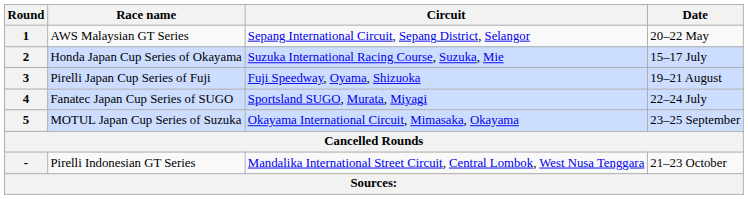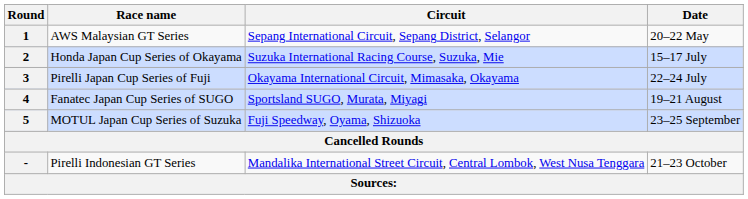 <table class="wikitable" style="font-size: 85%;">
 <tr>
 <th>Round</th>
 <th>Race name</th>
 <th>Circuit</th>
 <th>Date</th>
 </tr>
 <tr>
 <th>1</th>
 <td> AWS Malaysian GT Series</td>
 <td><a href='#'>Sepang International Circuit</a>, <a href='#'>Sepang District</a>, <a href='#'>Selangor</a></td>
 <td>20–22 May</td>
 </tr>
 <tr bgcolor=#CCDDFF>
 <th>2</th>
 <td> Honda Japan Cup Series of Okayama</td>
 <td><a href='#'>Suzuka International Racing Course</a>, <a href='#'>Suzuka</a>, <a href='#'>Mie</a></td>
 <td>15–17 July</td>
 </tr>
 <tr bgcolor=#CCDDFF>
 <th>3</th>
 <td> Pirelli Japan Cup Series of Fuji</td>
-<td><a href='#'>Fuji Speedway</a>, <a href='#'>Oyama</a>, <a href='#'>Shizuoka</a></td>
-<td>19–21 August</td>
+<td><a href='#'>Okayama International Circuit</a>, <a href='#'>Mimasaka</a>, <a href='#'>Okayama</a></td>
+<td>22–24 July</td>
 </tr>
 <tr bgcolor=#CCDDFF>
 <th>4</th>
 <td> Fanatec Japan Cup Series of SUGO</td>
 <td><a href='#'>Sportsland SUGO</a>, <a href='#'>Murata</a>, <a href='#'>Miyagi</a></td>
-<td>22–24 July</td>
+<td>19–21 August</td>
 </tr>
 <tr bgcolor=#CCDDFF>
 <th>5</th>
 <td> MOTUL Japan Cup Series of Suzuka</td>
-<td><a href='#'>Okayama International Circuit</a>, <a href='#'>Mimasaka</a>, <a href='#'>Okayama</a></td>
+<td><a href='#'>Fuji Speedway</a>, <a href='#'>Oyama</a>, <a href='#'>Shizuoka</a></td>
 <td>23–25 September</td>
 </tr>
 <tr>
 <th colspan="4">Cancelled Rounds</th>
 </tr>
 <tr>
 <th>-</th>
 <td> Pirelli Indonesian GT Series</td>
 <td><a href='#'>Mandalika International Street Circuit</a>, <a href='#'>Central Lombok</a>, <a href='#'>West Nusa Tenggara</a></td>
 <td>21–23 October</td>
 </tr>
 <tr>
 <th colspan="4">Sources:</th>
 </tr>
 </table>
